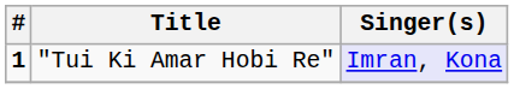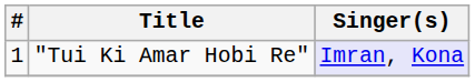 <table class="wikitable" style="font-size:95%;">
 <tr>
 <th>#</th>
 <th>Title</th>
 <th>Singer(s)</th>
 </tr>
 <tr>
-<td><strong>1</strong></td>
+<td>1</td>
 <td>"Tui Ki Amar Hobi Re"</td>
 <td style="background: lavender;"><a href='#'>Imran</a>, <a href='#'>Kona</a></td>
 </tr>
 <tr>
 </tr>
 </table>
